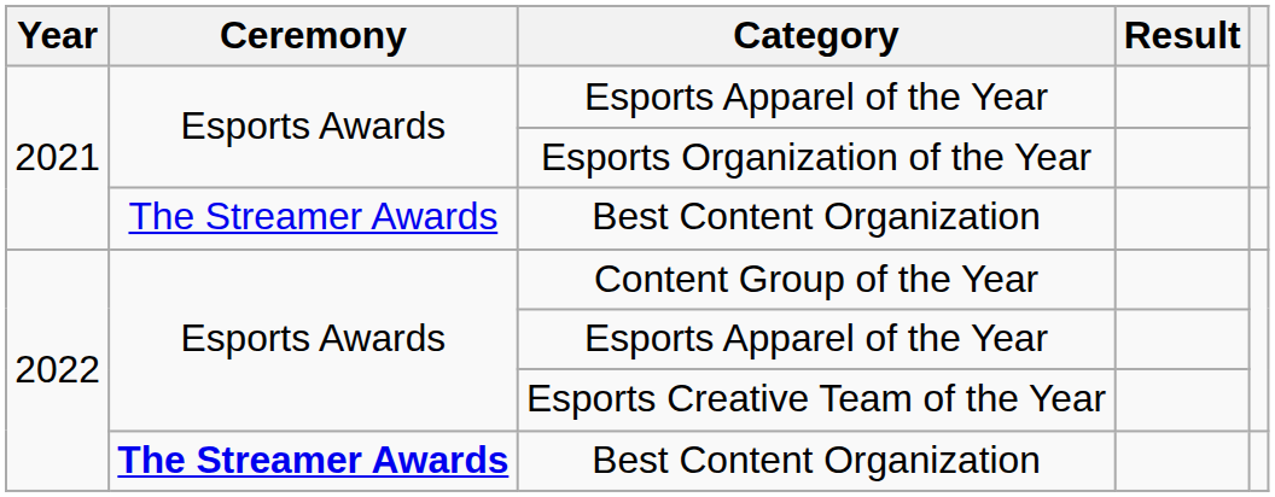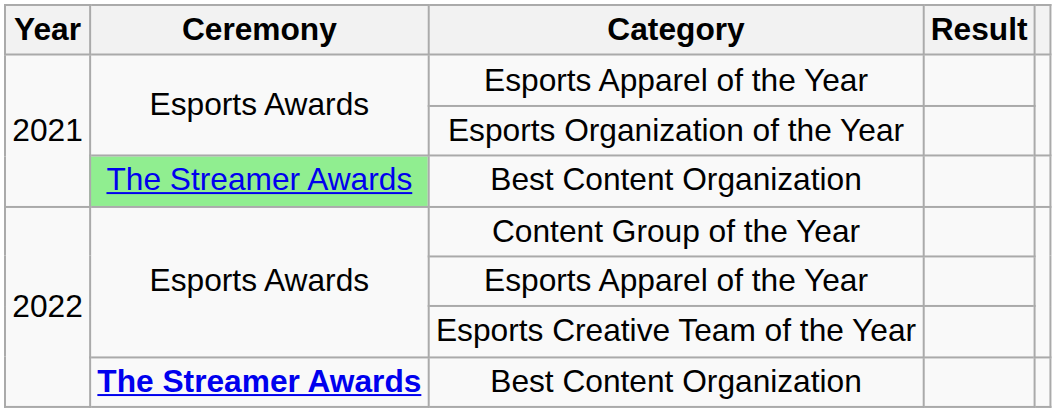 <table class="wikitable" style="text-align:center;">
 <tr>
 <th>Year</th>
 <th>Ceremony</th>
 <th>Category</th>
 <th>Result</th>
 <th></th>
 </tr>
 <tr>
 <td rowspan="3">2021</td>
 <td rowspan="2">Esports Awards</td>
 <td>Esports Apparel of the Year</td>
 <td></td>
 <td rowspan="2"></td>
 </tr>
 <tr>
 <td>Esports Organization of the Year</td>
 <td></td>
 </tr>
 <tr>
-<td><a href='#'>The Streamer Awards</a></td>
+<td style="background: lightgreen;"><a href='#'>The Streamer Awards</a></td>
 <td>Best Content Organization</td>
 <td></td>
 <td></td>
 </tr>
 <tr>
 <td rowspan="4">2022</td>
 <td rowspan="3">Esports Awards</td>
 <td>Content Group of the Year</td>
 <td></td>
 <td rowspan="3"></td>
 </tr>
 <tr>
 <td>Esports Apparel of the Year</td>
 <td></td>
 </tr>
 <tr>
 <td>Esports Creative Team of the Year</td>
 <td></td>
 </tr>
 <tr>
 <td><strong><a href='#'>The Streamer Awards</a></strong></td>
 <td>Best Content Organization</td>
 <td></td>
 <td></td>
 </tr>
 </table>
